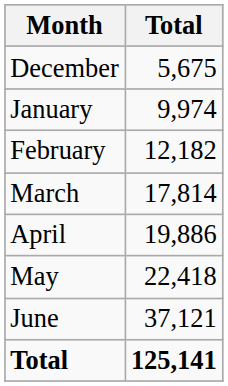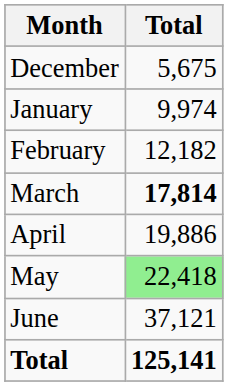 <table class="wikitable" align=right style="margin:0 0 1em 1em">
 <tr>
 <th>Month</th>
 <th>Total</th>
 </tr>
 <tr>
 <td>December</td>
 <td align="right">5,675</td>
 </tr>
 <tr>
 <td>January</td>
 <td align="right">9,974</td>
 </tr>
 <tr>
 <td>February</td>
 <td align="right">12,182</td>
 </tr>
 <tr>
 <td>March</td>
-<td align="right">17,814</td>
+<td align="right"><strong>17,814</strong></td>
 </tr>
 <tr>
 <td>April</td>
 <td align="right">19,886</td>
 </tr>
 <tr>
 <td>May</td>
-<td align="right">22,418</td>
+<td align="right" style="background: lightgreen;">22,418</td>
 </tr>
 <tr>
 <td>June</td>
 <td align="right">37,121</td>
 </tr>
 <tr>
 <td><strong>Total</strong></td>
 <td align="right"><strong>125,141</strong></td>
 </tr>
 </table>
